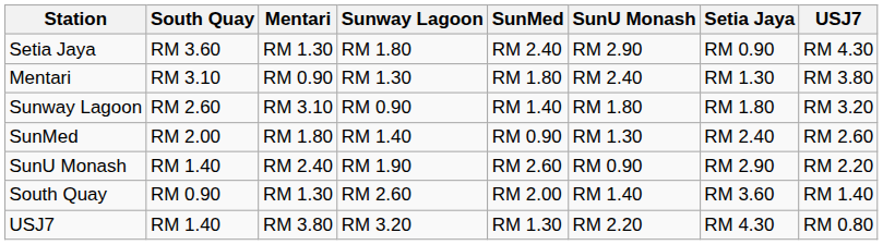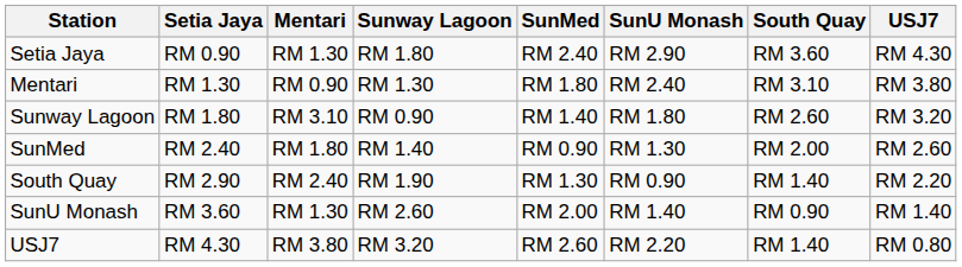 <table class="wikitable">
 <tr>
 <th>Station</th>
-<th>South Quay</th>
+<th>Setia Jaya</th>
 <th>Mentari</th>
 <th>Sunway Lagoon</th>
 <th>SunMed</th>
 <th>SunU Monash</th>
-<th>Setia Jaya</th>
+<th>South Quay</th>
 <th>USJ7</th>
 </tr>
 <tr>
 <td>Setia Jaya</td>
-<td>RM 3.60</td>
+<td>RM 0.90</td>
 <td>RM 1.30</td>
 <td>RM 1.80</td>
 <td>RM 2.40</td>
 <td>RM 2.90</td>
-<td>RM 0.90</td>
+<td>RM 3.60</td>
 <td>RM 4.30</td>
 </tr>
 <tr>
 <td>Mentari</td>
-<td>RM 3.10</td>
+<td>RM 1.30</td>
 <td>RM 0.90</td>
 <td>RM 1.30</td>
 <td>RM 1.80</td>
 <td>RM 2.40</td>
-<td>RM 1.30</td>
+<td>RM 3.10</td>
 <td>RM 3.80</td>
 </tr>
 <tr>
 <td>Sunway Lagoon</td>
-<td>RM 2.60</td>
+<td>RM 1.80</td>
 <td>RM 3.10</td>
 <td>RM 0.90</td>
 <td>RM 1.40</td>
 <td>RM 1.80</td>
-<td>RM 1.80</td>
+<td>RM 2.60</td>
 <td>RM 3.20</td>
 </tr>
 <tr>
 <td>SunMed</td>
-<td>RM 2.00</td>
+<td>RM 2.40</td>
 <td>RM 1.80</td>
 <td>RM 1.40</td>
 <td>RM 0.90</td>
 <td>RM 1.30</td>
-<td>RM 2.40</td>
+<td>RM 2.00</td>
 <td>RM 2.60</td>
 </tr>
 <tr>
-<td>SunU Monash</td>
-<td>RM 1.40</td>
+<td>South Quay</td>
+<td>RM 2.90</td>
 <td>RM 2.40</td>
 <td>RM 1.90</td>
-<td>RM 2.60</td>
+<td>RM 1.30</td>
 <td>RM 0.90</td>
-<td>RM 2.90</td>
+<td>RM 1.40</td>
 <td>RM 2.20</td>
 </tr>
 <tr>
-<td>South Quay</td>
-<td>RM 0.90</td>
+<td>SunU Monash</td>
+<td>RM 3.60</td>
 <td>RM 1.30</td>
 <td>RM 2.60</td>
 <td>RM 2.00</td>
 <td>RM 1.40</td>
-<td>RM 3.60</td>
+<td>RM 0.90</td>
 <td>RM 1.40</td>
 </tr>
 <tr>
 <td>USJ7</td>
-<td>RM 1.40</td>
+<td>RM 4.30</td>
 <td>RM 3.80</td>
 <td>RM 3.20</td>
-<td>RM 1.30</td>
+<td>RM 2.60</td>
 <td>RM 2.20</td>
-<td>RM 4.30</td>
+<td>RM 1.40</td>
 <td>RM 0.80</td>
 </tr>
 </table>
